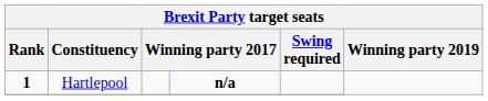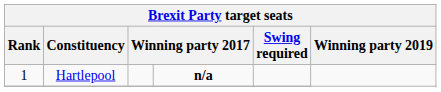 <table class="wikitable plainrowheaders sortable" style="text-align:center">
 <tr>
 <th colspan=7><a href='#'>Brexit Party</a> target seats</th>
 </tr>
 <tr>
 <th>Rank</th>
 <th>Constituency</th>
 <th colspan=2>Winning party 2017</th>
 <th><a href='#'>Swing</a><br>required</th>
 <th colspan=2>Winning party 2019</th>
 </tr>
 <tr>
-<td><strong>1</strong></td>
+<td>1</td>
 <td><a href='#'>Hartlepool</a></td>
 <td></td>
 <td><strong>n/a</strong></td>
 <td></td>
 </tr>
 <tr>
 </tr>
 </table>
